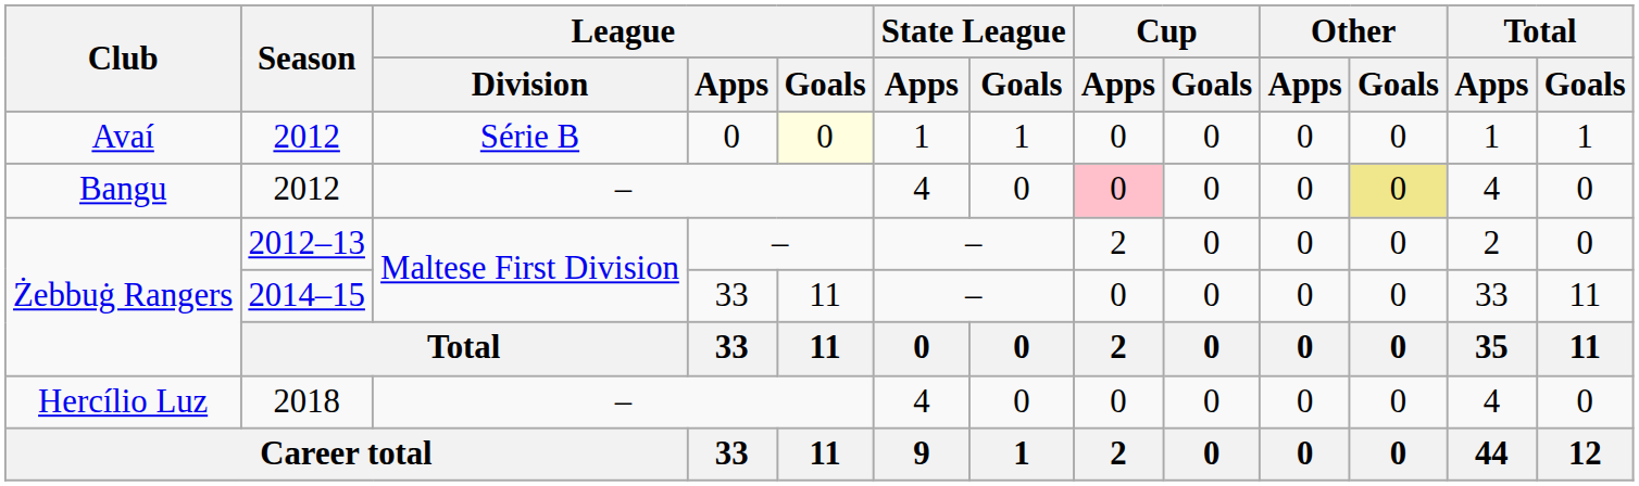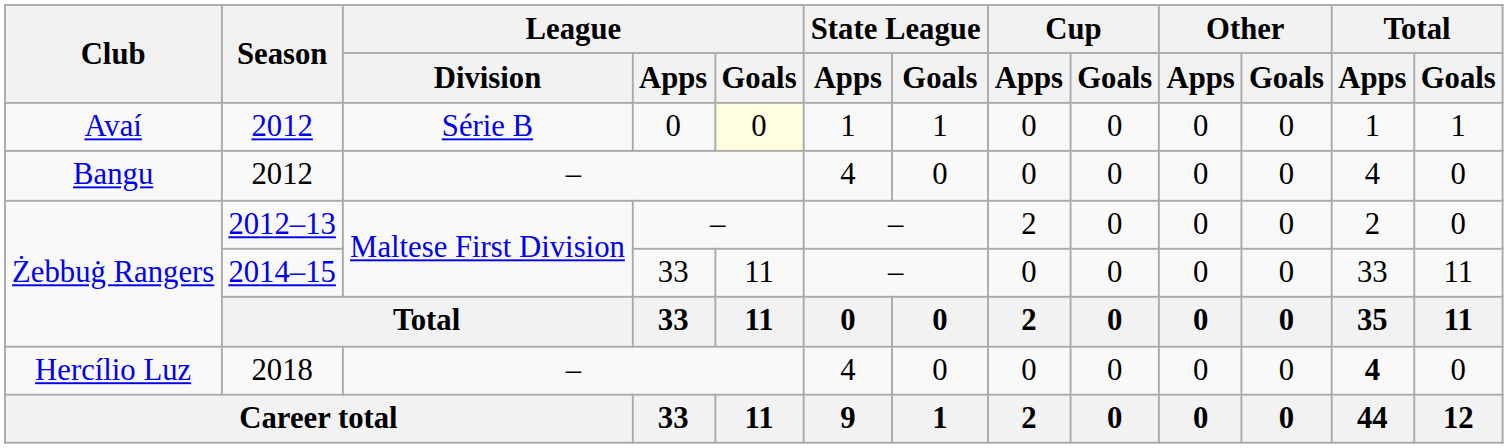 <table class="wikitable" style="text-align: center">
 <tr>
 <th rowspan="2">Club</th>
 <th rowspan="2">Season</th>
 <th colspan="3">League</th>
 <th colspan="2">State League</th>
 <th colspan="2">Cup</th>
 <th colspan="2">Other</th>
 <th colspan="2">Total</th>
 </tr>
 <tr>
 <th>Division</th>
 <th>Apps</th>
 <th>Goals</th>
 <th>Apps</th>
 <th>Goals</th>
 <th>Apps</th>
 <th>Goals</th>
 <th>Apps</th>
 <th>Goals</th>
 <th>Apps</th>
 <th>Goals</th>
 </tr>
 <tr>
 <td><a href='#'>Avaí</a></td>
 <td><a href='#'>2012</a></td>
 <td><a href='#'>Série B</a></td>
 <td>0</td>
 <td style="background: lightyellow;">0</td>
 <td>1</td>
 <td>1</td>
 <td>0</td>
 <td>0</td>
 <td>0</td>
 <td>0</td>
 <td>1</td>
 <td>1</td>
 </tr>
 <tr>
 <td><a href='#'>Bangu</a></td>
 <td>2012</td>
 <td colspan="3">–</td>
 <td>4</td>
 <td>0</td>
-<td style="background: pink;">0</td>
 <td>0</td>
 <td>0</td>
-<td style="background: khaki;">0</td>
+<td>0</td>
+<td>0</td>
 <td>4</td>
 <td>0</td>
 </tr>
 <tr>
 <td rowspan="3"><a href='#'>Żebbuġ Rangers</a></td>
 <td><a href='#'>2012–13</a></td>
 <td rowspan="2"><a href='#'>Maltese First Division</a></td>
 <td colspan="2">–</td>
 <td colspan="2">–</td>
 <td>2</td>
 <td>0</td>
 <td>0</td>
 <td>0</td>
 <td>2</td>
 <td>0</td>
 </tr>
 <tr>
 <td><a href='#'>2014–15</a></td>
 <td>33</td>
 <td>11</td>
 <td colspan="2">–</td>
 <td>0</td>
 <td>0</td>
 <td>0</td>
 <td>0</td>
 <td>33</td>
 <td>11</td>
 </tr>
 <tr>
 <th colspan="2"><strong>Total</strong></th>
 <th>33</th>
 <th>11</th>
 <th>0</th>
 <th>0</th>
 <th>2</th>
 <th>0</th>
 <th>0</th>
 <th>0</th>
 <th>35</th>
 <th>11</th>
 </tr>
 <tr>
 <td><a href='#'>Hercílio Luz</a></td>
 <td>2018</td>
 <td colspan="3">–</td>
 <td>4</td>
 <td>0</td>
 <td>0</td>
 <td>0</td>
 <td>0</td>
 <td>0</td>
-<td>4</td>
+<td><strong>4</strong></td>
 <td>0</td>
 </tr>
 <tr>
 <th colspan="3"><strong>Career total</strong></th>
 <th>33</th>
 <th>11</th>
 <th>9</th>
 <th>1</th>
 <th>2</th>
 <th>0</th>
 <th>0</th>
 <th>0</th>
 <th>44</th>
 <th>12</th>
 </tr>
 </table>
